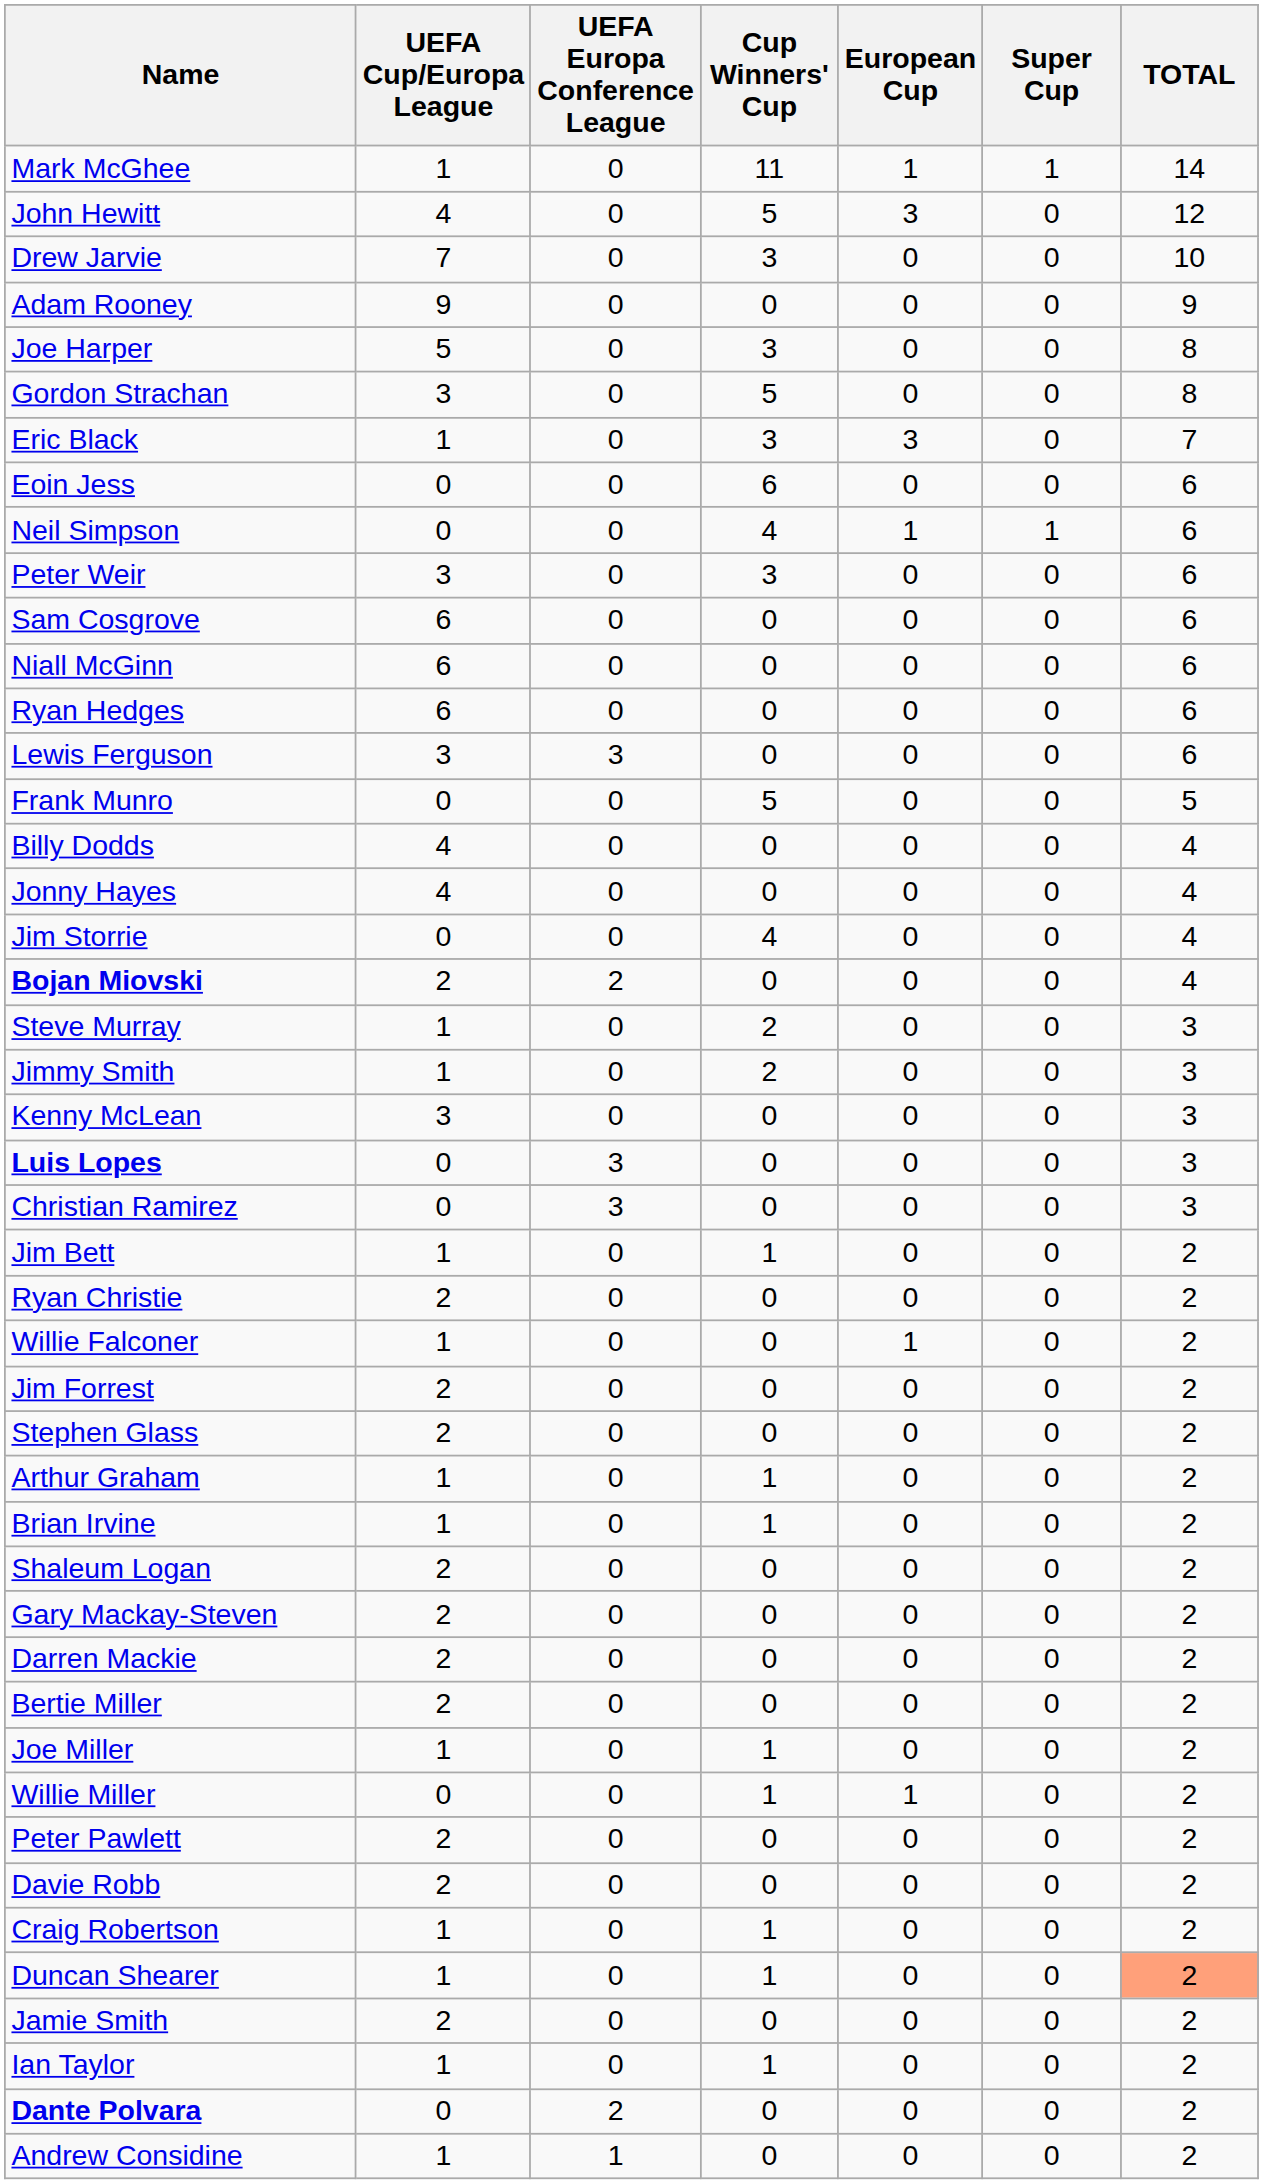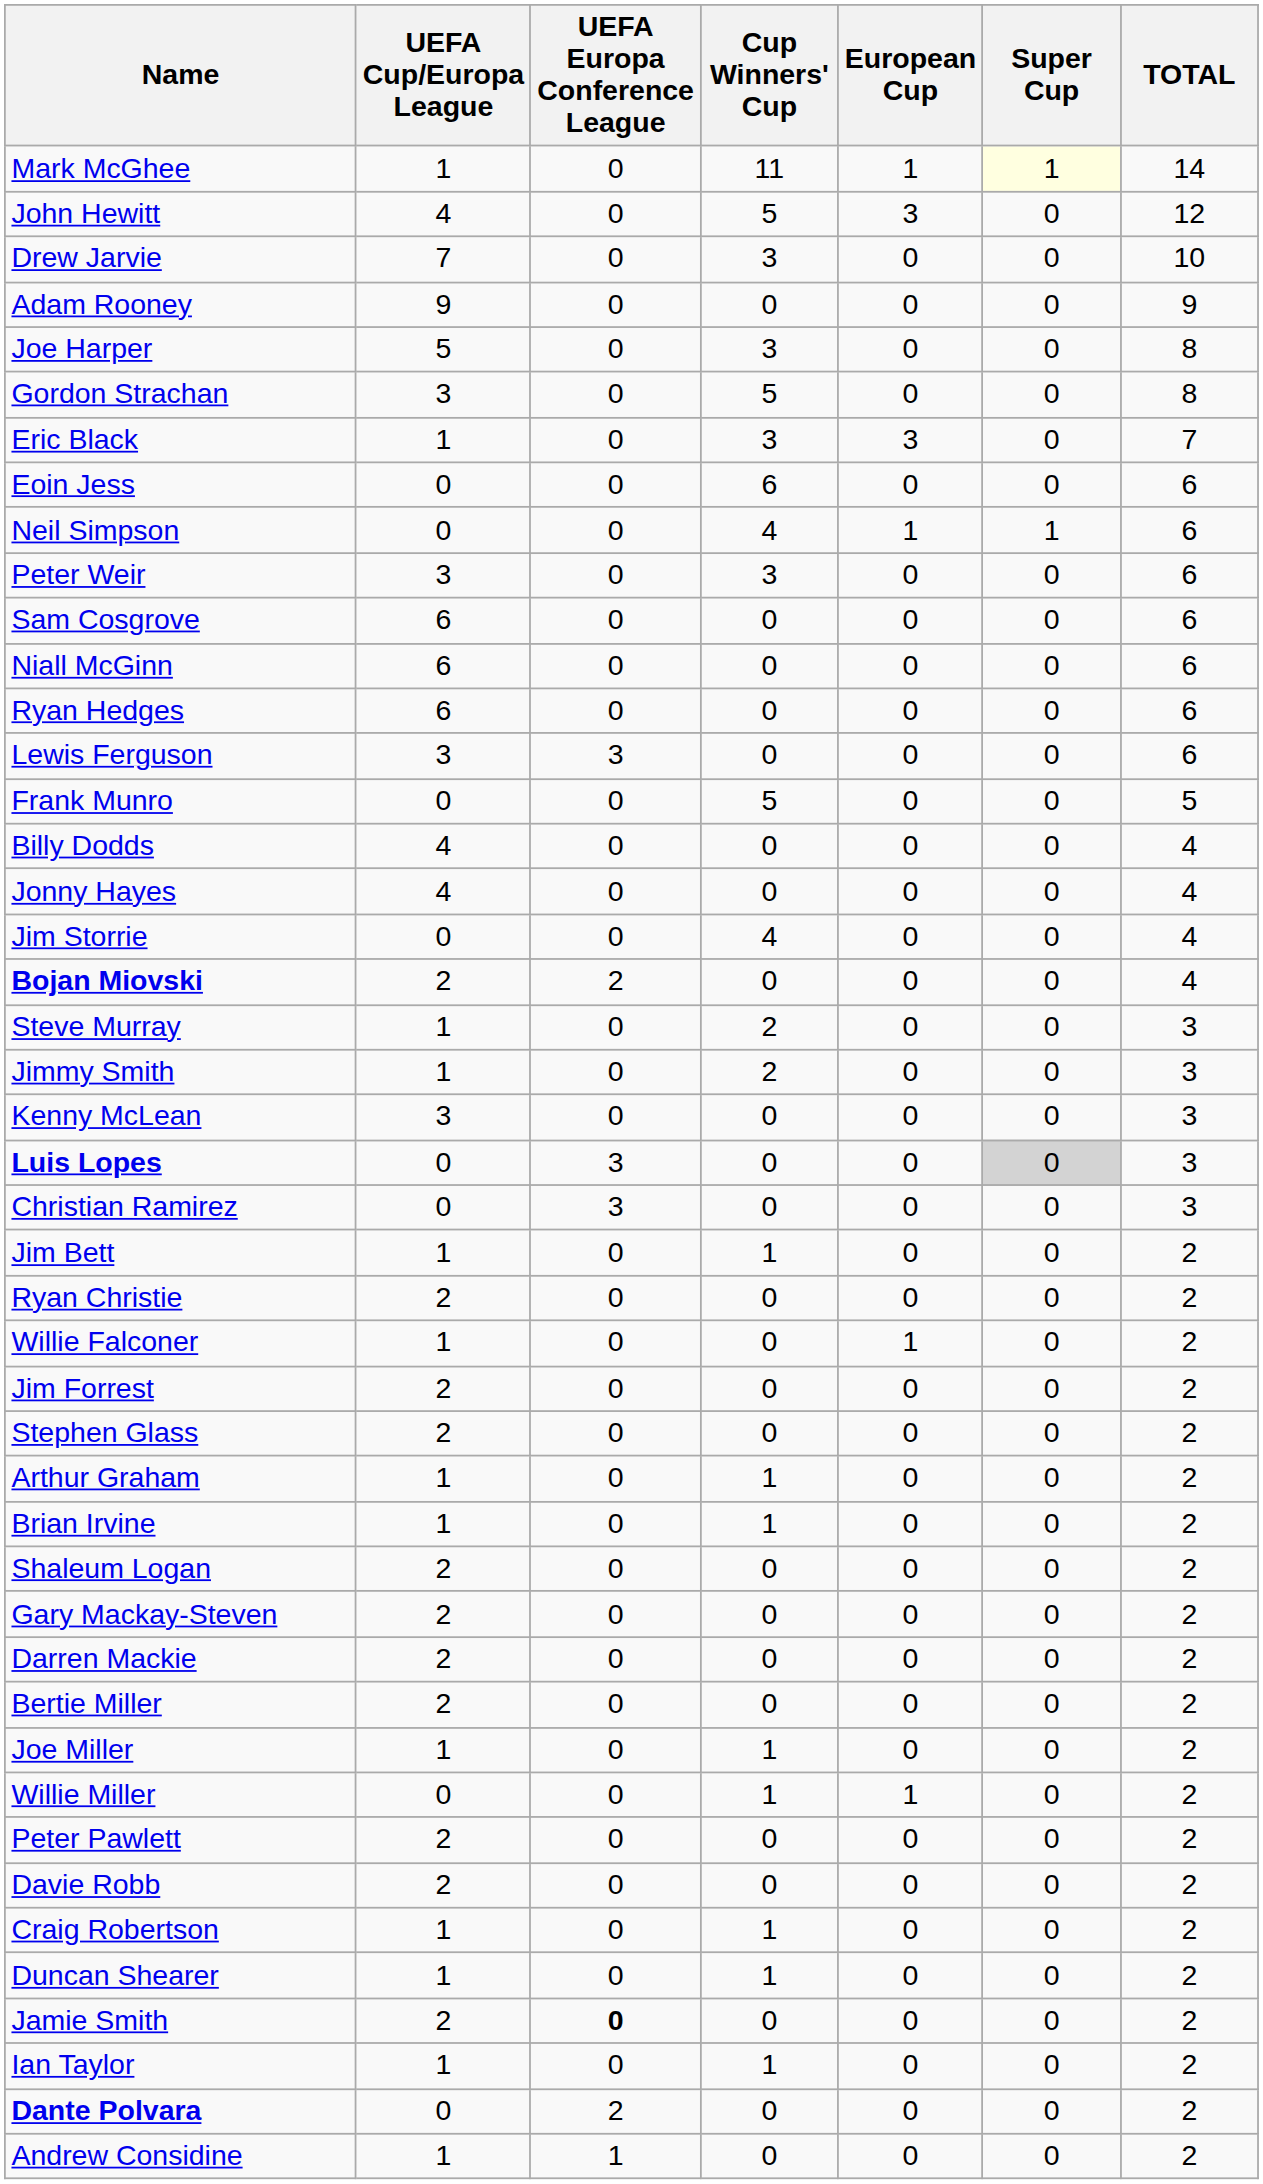 <table class="wikitable sortable" style="text-align:center">
 <tr>
 <th width=190>Name</th>
 <th width=70>UEFA Cup/Europa League</th>
 <th width=70>UEFA Europa Conference League</th>
 <th width=70>Cup Winners' Cup</th>
 <th width=70>European Cup</th>
 <th width=70>Super Cup</th>
 <th width=70>TOTAL</th>
 </tr>
 <tr>
 <td align="left"> <a href='#'>Mark McGhee</a></td>
 <td>1</td>
 <td>0</td>
 <td>11</td>
 <td>1</td>
-<td>1</td>
+<td style="background: lightyellow;">1</td>
 <td>14</td>
 </tr>
 <tr>
 <td align="left"> <a href='#'>John Hewitt</a></td>
 <td>4</td>
 <td>0</td>
 <td>5</td>
 <td>3</td>
 <td>0</td>
 <td>12</td>
 </tr>
 <tr>
 <td align="left"> <a href='#'>Drew Jarvie</a></td>
 <td>7</td>
 <td>0</td>
 <td>3</td>
 <td>0</td>
 <td>0</td>
 <td>10</td>
 </tr>
 <tr>
 <td align="left"> <a href='#'>Adam Rooney</a></td>
 <td>9</td>
 <td>0</td>
 <td>0</td>
 <td>0</td>
 <td>0</td>
 <td>9</td>
 </tr>
 <tr>
 <td align="left"> <a href='#'>Joe Harper</a></td>
 <td>5</td>
 <td>0</td>
 <td>3</td>
 <td>0</td>
 <td>0</td>
 <td>8</td>
 </tr>
 <tr>
 <td align="left"> <a href='#'>Gordon Strachan</a></td>
 <td>3</td>
 <td>0</td>
 <td>5</td>
 <td>0</td>
 <td>0</td>
 <td>8</td>
 </tr>
 <tr>
 <td align="left"> <a href='#'>Eric Black</a></td>
 <td>1</td>
 <td>0</td>
 <td>3</td>
 <td>3</td>
 <td>0</td>
 <td>7</td>
 </tr>
 <tr>
 <td align="left"> <a href='#'>Eoin Jess</a></td>
 <td>0</td>
 <td>0</td>
 <td>6</td>
 <td>0</td>
 <td>0</td>
 <td>6</td>
 </tr>
 <tr>
 <td align="left"> <a href='#'>Neil Simpson</a></td>
 <td>0</td>
 <td>0</td>
 <td>4</td>
 <td>1</td>
 <td>1</td>
 <td>6</td>
 </tr>
 <tr>
 <td align="left"> <a href='#'>Peter Weir</a></td>
 <td>3</td>
 <td>0</td>
 <td>3</td>
 <td>0</td>
 <td>0</td>
 <td>6</td>
 </tr>
 <tr>
 <td align="left"> <a href='#'>Sam Cosgrove</a></td>
 <td>6</td>
 <td>0</td>
 <td>0</td>
 <td>0</td>
 <td>0</td>
 <td>6</td>
 </tr>
 <tr>
 <td align="left"> <a href='#'>Niall McGinn</a></td>
 <td>6</td>
 <td>0</td>
 <td>0</td>
 <td>0</td>
 <td>0</td>
 <td>6</td>
 </tr>
 <tr>
 <td align="left"> <a href='#'>Ryan Hedges</a></td>
 <td>6</td>
 <td>0</td>
 <td>0</td>
 <td>0</td>
 <td>0</td>
 <td>6</td>
 </tr>
 <tr>
 <td align="left"> <a href='#'>Lewis Ferguson</a></td>
 <td>3</td>
 <td>3</td>
 <td>0</td>
 <td>0</td>
 <td>0</td>
 <td>6</td>
 </tr>
 <tr>
 <td align="left"> <a href='#'>Frank Munro</a></td>
 <td>0</td>
 <td>0</td>
 <td>5</td>
 <td>0</td>
 <td>0</td>
 <td>5</td>
 </tr>
 <tr>
 <td align="left"> <a href='#'>Billy Dodds</a></td>
 <td>4</td>
 <td>0</td>
 <td>0</td>
 <td>0</td>
 <td>0</td>
 <td>4</td>
 </tr>
 <tr>
 <td align="left"> <a href='#'>Jonny Hayes</a></td>
 <td>4</td>
 <td>0</td>
 <td>0</td>
 <td>0</td>
 <td>0</td>
 <td>4</td>
 </tr>
 <tr>
 <td align="left"> <a href='#'>Jim Storrie</a></td>
 <td>0</td>
 <td>0</td>
 <td>4</td>
 <td>0</td>
 <td>0</td>
 <td>4</td>
 </tr>
 <tr>
 <td align="left"> <strong><a href='#'>Bojan Miovski</a></strong></td>
 <td>2</td>
 <td>2</td>
 <td>0</td>
 <td>0</td>
 <td>0</td>
 <td>4</td>
 </tr>
 <tr>
 <td align="left"> <a href='#'>Steve Murray</a></td>
 <td>1</td>
 <td>0</td>
 <td>2</td>
 <td>0</td>
 <td>0</td>
 <td>3</td>
 </tr>
 <tr>
 <td align="left"> <a href='#'>Jimmy Smith</a></td>
 <td>1</td>
 <td>0</td>
 <td>2</td>
 <td>0</td>
 <td>0</td>
 <td>3</td>
 </tr>
 <tr>
 <td align="left"> <a href='#'>Kenny McLean</a></td>
 <td>3</td>
 <td>0</td>
 <td>0</td>
 <td>0</td>
 <td>0</td>
 <td>3</td>
 </tr>
 <tr>
 <td align="left"> <strong><a href='#'>Luis Lopes</a></strong></td>
 <td>0</td>
 <td>3</td>
 <td>0</td>
 <td>0</td>
-<td>0</td>
+<td style="background: lightgrey;">0</td>
 <td>3</td>
 </tr>
 <tr>
 <td align="left"> <a href='#'>Christian Ramirez</a></td>
 <td>0</td>
 <td>3</td>
 <td>0</td>
 <td>0</td>
 <td>0</td>
 <td>3</td>
 </tr>
 <tr>
 <td align="left"> <a href='#'>Jim Bett</a></td>
 <td>1</td>
 <td>0</td>
 <td>1</td>
 <td>0</td>
 <td>0</td>
 <td>2</td>
 </tr>
 <tr>
 <td align="left"> <a href='#'>Ryan Christie</a></td>
 <td>2</td>
 <td>0</td>
 <td>0</td>
 <td>0</td>
 <td>0</td>
 <td>2</td>
 </tr>
 <tr>
 <td align="left"> <a href='#'>Willie Falconer</a></td>
 <td>1</td>
 <td>0</td>
 <td>0</td>
 <td>1</td>
 <td>0</td>
 <td>2</td>
 </tr>
 <tr>
 <td align="left"> <a href='#'>Jim Forrest</a></td>
 <td>2</td>
 <td>0</td>
 <td>0</td>
 <td>0</td>
 <td>0</td>
 <td>2</td>
 </tr>
 <tr>
 <td align="left"> <a href='#'>Stephen Glass</a></td>
 <td>2</td>
 <td>0</td>
 <td>0</td>
 <td>0</td>
 <td>0</td>
 <td>2</td>
 </tr>
 <tr>
 <td align="left"> <a href='#'>Arthur Graham</a></td>
 <td>1</td>
 <td>0</td>
 <td>1</td>
 <td>0</td>
 <td>0</td>
 <td>2</td>
 </tr>
 <tr>
 <td align="left"> <a href='#'>Brian Irvine</a></td>
 <td>1</td>
 <td>0</td>
 <td>1</td>
 <td>0</td>
 <td>0</td>
 <td>2</td>
 </tr>
 <tr>
 <td align="left"> <a href='#'>Shaleum Logan</a></td>
 <td>2</td>
 <td>0</td>
 <td>0</td>
 <td>0</td>
 <td>0</td>
 <td>2</td>
 </tr>
 <tr>
 <td align="left"> <a href='#'>Gary Mackay-Steven</a></td>
 <td>2</td>
 <td>0</td>
 <td>0</td>
 <td>0</td>
 <td>0</td>
 <td>2</td>
 </tr>
 <tr>
 <td align="left"> <a href='#'>Darren Mackie</a></td>
 <td>2</td>
 <td>0</td>
 <td>0</td>
 <td>0</td>
 <td>0</td>
 <td>2</td>
 </tr>
 <tr>
 <td align="left"> <a href='#'>Bertie Miller</a></td>
 <td>2</td>
 <td>0</td>
 <td>0</td>
 <td>0</td>
 <td>0</td>
 <td>2</td>
 </tr>
 <tr>
 <td align="left"> <a href='#'>Joe Miller</a></td>
 <td>1</td>
 <td>0</td>
 <td>1</td>
 <td>0</td>
 <td>0</td>
 <td>2</td>
 </tr>
 <tr>
 <td align="left"> <a href='#'>Willie Miller</a></td>
 <td>0</td>
 <td>0</td>
 <td>1</td>
 <td>1</td>
 <td>0</td>
 <td>2</td>
 </tr>
 <tr>
 <td align="left"> <a href='#'>Peter Pawlett</a></td>
 <td>2</td>
 <td>0</td>
 <td>0</td>
 <td>0</td>
 <td>0</td>
 <td>2</td>
 </tr>
 <tr>
 <td align="left"> <a href='#'>Davie Robb</a></td>
 <td>2</td>
 <td>0</td>
 <td>0</td>
 <td>0</td>
 <td>0</td>
 <td>2</td>
 </tr>
 <tr>
 <td align="left"> <a href='#'>Craig Robertson</a></td>
 <td>1</td>
 <td>0</td>
 <td>1</td>
 <td>0</td>
 <td>0</td>
 <td>2</td>
 </tr>
 <tr>
 <td align="left"> <a href='#'>Duncan Shearer</a></td>
 <td>1</td>
 <td>0</td>
 <td>1</td>
 <td>0</td>
 <td>0</td>
-<td style="background: lightsalmon;">2</td>
+<td>2</td>
 </tr>
 <tr>
 <td align="left"> <a href='#'>Jamie Smith</a></td>
 <td>2</td>
-<td>0</td>
+<td><strong>0</strong></td>
 <td>0</td>
 <td>0</td>
 <td>0</td>
 <td>2</td>
 </tr>
 <tr>
 <td align="left"> <a href='#'>Ian Taylor</a></td>
 <td>1</td>
 <td>0</td>
 <td>1</td>
 <td>0</td>
 <td>0</td>
 <td>2</td>
 </tr>
 <tr>
 <td align="left"> <strong><a href='#'>Dante Polvara</a></strong></td>
 <td>0</td>
 <td>2</td>
 <td>0</td>
 <td>0</td>
 <td>0</td>
 <td>2</td>
 </tr>
 <tr>
 <td align="left"> <a href='#'>Andrew Considine</a></td>
 <td>1</td>
 <td>1</td>
 <td>0</td>
 <td>0</td>
 <td>0</td>
 <td>2</td>
 </tr>
 </table>
